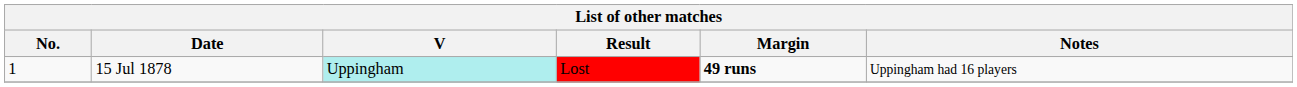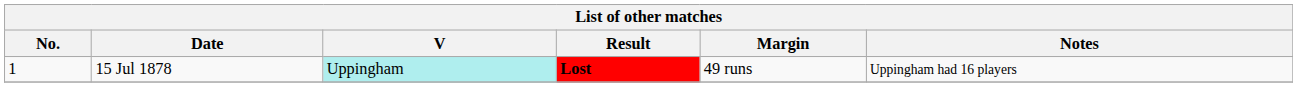 <table class="wikitable" width="100%">
 <tr>
 <th bgcolor="#efefef" colspan=6>List of other matches</th>
 </tr>
 <tr bgcolor="#efefef">
 <th>No.</th>
 <th>Date</th>
 <th>V</th>
 <th>Result</th>
 <th>Margin</th>
 <th>Notes</th>
 </tr>
 <tr>
 <td>1</td>
 <td>15 Jul 1878</td>
 <td style="background: paleturquoise;">Uppingham</td>
-<td bgcolor="#FF0000">Lost</td>
-<td><strong>49 runs</strong></td>
+<td bgcolor="#FF0000"><strong>Lost</strong></td>
+<td>49 runs</td>
 <td><small> Uppingham had 16 players </small></td>
 </tr>
 <tr>
 </tr>
 </table>
